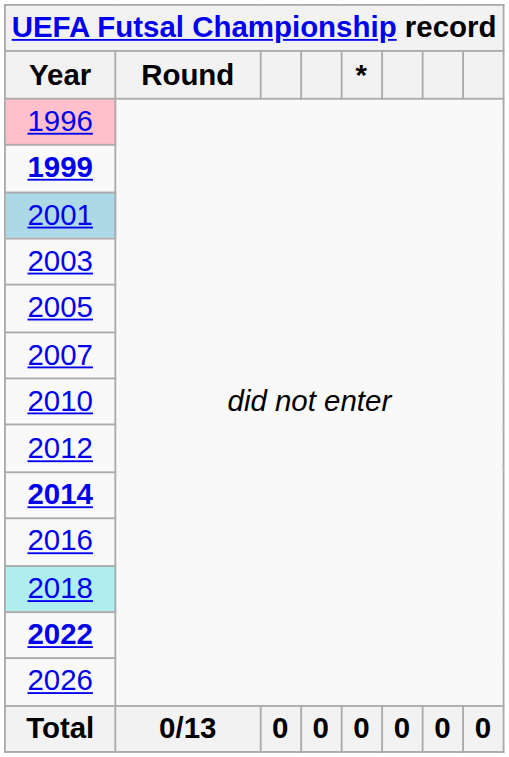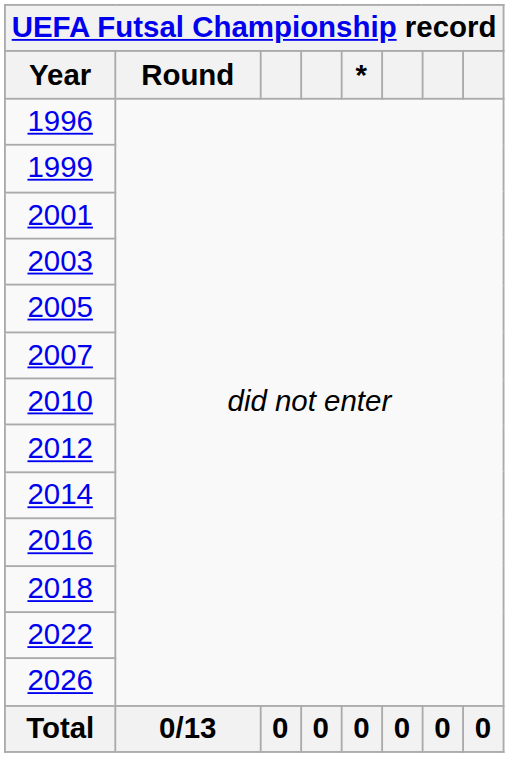 <table class="wikitable" style="text-align:center">
 <tr>
 <th colspan=8><a href='#'>UEFA Futsal Championship</a> record</th>
 </tr>
 <tr>
 <th>Year</th>
 <th>Round</th>
 <th></th>
 <th></th>
 <th>*</th>
 <th></th>
 <th></th>
 <th></th>
 </tr>
 <tr>
-<td style="background: pink;"> <a href='#'>1996</a></td>
+<td> <a href='#'>1996</a></td>
 <td rowspan=13; colspan=7><em>did not enter</em></td>
 </tr>
 <tr>
-<td><strong> <a href='#'>1999</a></strong></td>
+<td> <a href='#'>1999</a></td>
 </tr>
 <tr>
-<td style="background: lightblue;"> <a href='#'>2001</a></td>
+<td> <a href='#'>2001</a></td>
 </tr>
 <tr>
 <td> <a href='#'>2003</a></td>
 </tr>
 <tr>
 <td> <a href='#'>2005</a></td>
 </tr>
 <tr>
 <td> <a href='#'>2007</a></td>
 </tr>
 <tr>
 <td> <a href='#'>2010</a></td>
 </tr>
 <tr>
 <td> <a href='#'>2012</a></td>
 </tr>
 <tr>
-<td><strong> <a href='#'>2014</a></strong></td>
+<td> <a href='#'>2014</a></td>
 </tr>
 <tr>
 <td> <a href='#'>2016</a></td>
 </tr>
 <tr>
-<td style="background: paleturquoise;"> <a href='#'>2018</a></td>
+<td> <a href='#'>2018</a></td>
 </tr>
 <tr>
-<td><strong> <a href='#'>2022</a></strong></td>
+<td> <a href='#'>2022</a></td>
 </tr>
 <tr>
 <td> <a href='#'>2026</a></td>
 </tr>
 <tr>
 <th><strong>Total</strong></th>
 <th>0/13</th>
 <th>0</th>
 <th>0</th>
 <th>0</th>
 <th>0</th>
 <th>0</th>
 <th>0</th>
 </tr>
 </table>
